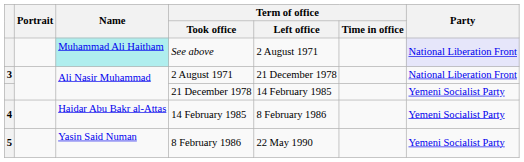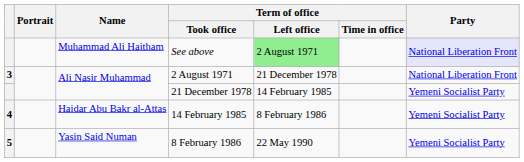 <table class="wikitable">
 <tr>
 <th rowspan="2"></th>
 <th rowspan="2">Portrait</th>
 <th rowspan="2">Name<br></th>
 <th colspan="3">Term of office</th>
 <th rowspan="2">Party</th>
 </tr>
 <tr>
 <th>Took office</th>
 <th>Left office</th>
 <th>Time in office</th>
 </tr>
 <tr>
 <th style="background:"></th>
 <td></td>
-<td rowspan="1" style="background: paleturquoise;"><a href='#'>Muhammad Ali Haitham</a><br><br></td>
+<td rowspan="1"><a href='#'>Muhammad Ali Haitham</a><br><br></td>
 <td rowspan="1"><em>See above</em></td>
-<td rowspan="1">2 August 1971<br></td>
+<td rowspan="1" style="background: lightgreen;">2 August 1971<br></td>
 <td></td>
 <td rowspan="1" style="background: lavender;"><a href='#'>National Liberation Front</a><br></td>
 </tr>
 <tr>
 <th style="background:">3</th>
 <td rowspan="2"></td>
 <td rowspan="2"><a href='#'>Ali Nasir Muhammad</a><br><br></td>
 <td rowspan="1">2 August 1971</td>
 <td rowspan="1">21 December 1978</td>
 <td></td>
 <td rowspan="1"><a href='#'>National Liberation Front</a><br></td>
 </tr>
 <tr>
 <th style="background:"></th>
 <td rowspan="1">21 December 1978</td>
 <td rowspan="1">14 February 1985<br></td>
 <td></td>
 <td rowspan="1"><a href='#'>Yemeni Socialist Party</a><br></td>
 </tr>
 <tr>
 <th style="background:">4</th>
 <td></td>
 <td rowspan="1"><a href='#'>Haidar Abu Bakr al-Attas</a><br><br></td>
 <td rowspan="1">14 February 1985<br></td>
 <td rowspan="1">8 February 1986</td>
 <td></td>
 <td rowspan="1"><a href='#'>Yemeni Socialist Party</a><br></td>
 </tr>
 <tr>
 <th style="background:">5</th>
 <td></td>
 <td rowspan="1"><a href='#'>Yasin Said Numan</a><br><br></td>
 <td rowspan="1">8 February 1986</td>
 <td rowspan="1">22 May 1990</td>
 <td></td>
 <td rowspan="1"><a href='#'>Yemeni Socialist Party</a><br></td>
 </tr>
 </table>
